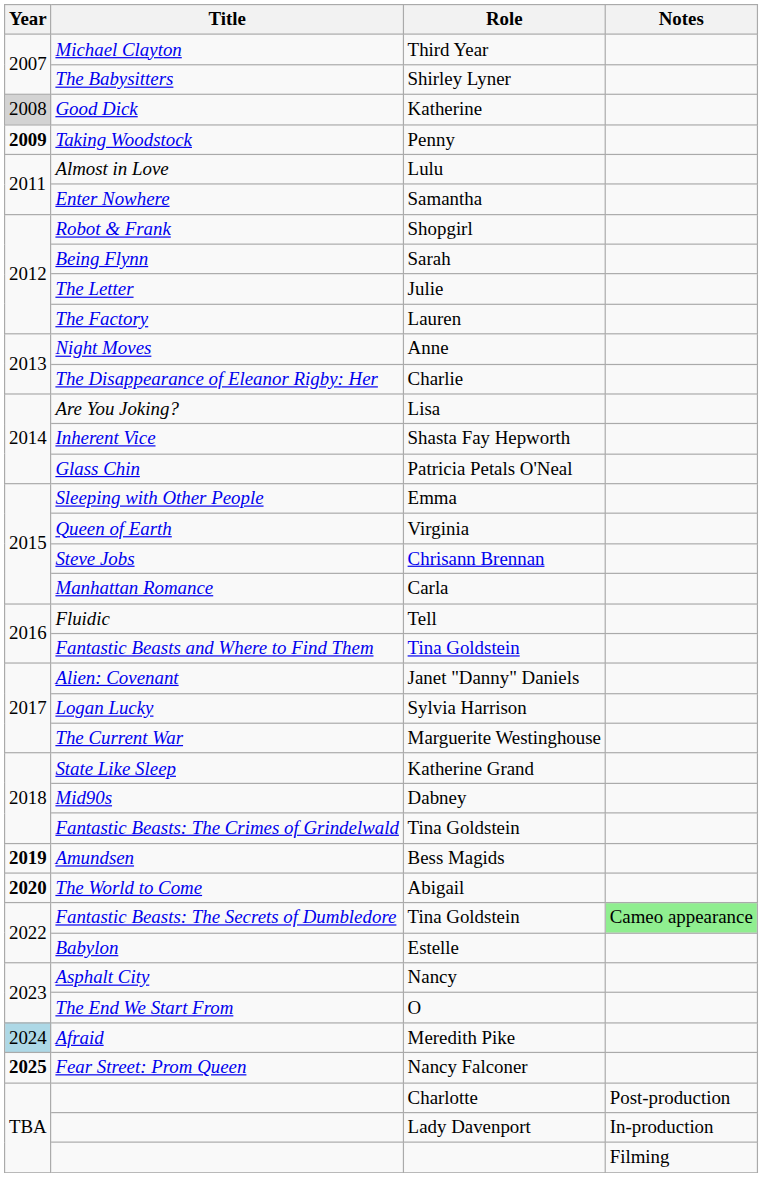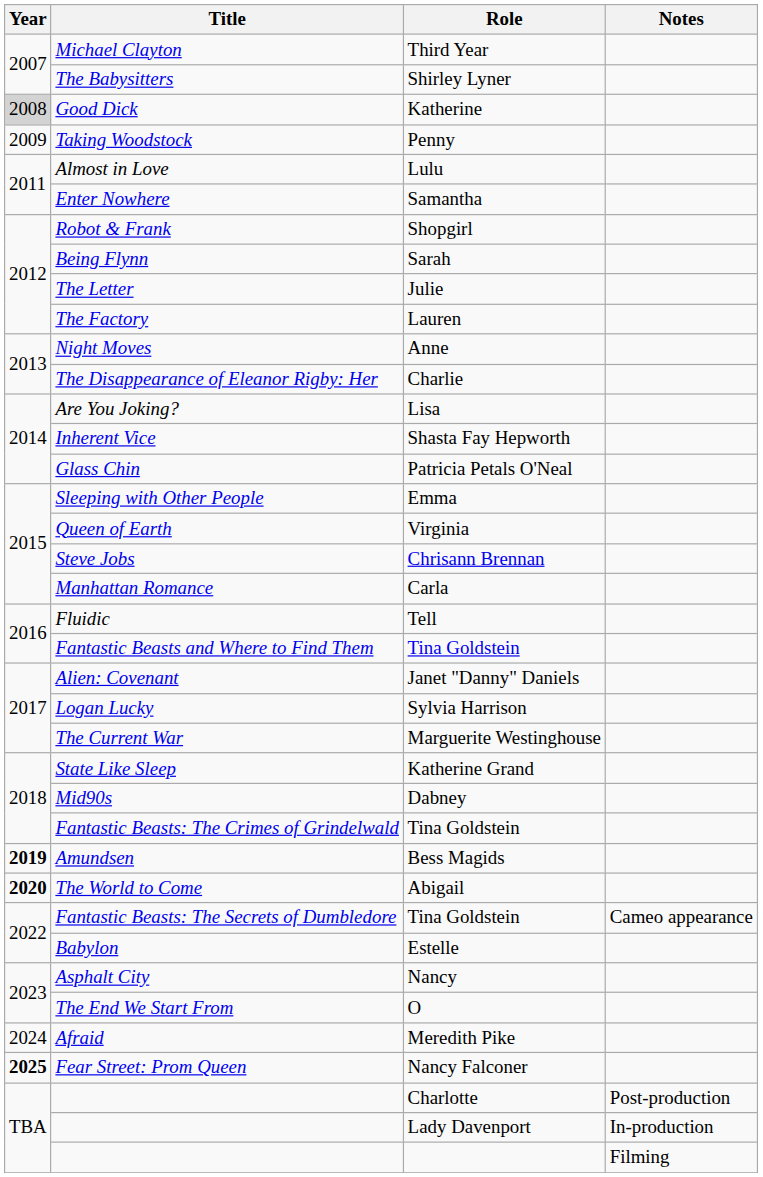 <table class="wikitable sortable">
 <tr>
 <th>Year</th>
 <th>Title</th>
 <th>Role</th>
 <th class=unsortable>Notes</th>
 </tr>
 <tr>
 <td rowspan="2">2007</td>
 <td><em><a href='#'>Michael Clayton</a></em></td>
 <td>Third Year</td>
 <td></td>
 </tr>
 <tr>
 <td><em><a href='#'>The Babysitters</a></em></td>
 <td>Shirley Lyner</td>
 <td></td>
 </tr>
 <tr>
 <td style="background: lightgrey;">2008</td>
 <td><em><a href='#'>Good Dick</a></em></td>
 <td>Katherine</td>
 <td></td>
 </tr>
 <tr>
-<td><strong>2009</strong></td>
+<td>2009</td>
 <td><em><a href='#'>Taking Woodstock</a></em></td>
 <td>Penny</td>
 <td></td>
 </tr>
 <tr>
 <td rowspan="2">2011</td>
 <td><em>Almost in Love</em></td>
 <td>Lulu</td>
 <td></td>
 </tr>
 <tr>
 <td><em><a href='#'>Enter Nowhere</a></em></td>
 <td>Samantha</td>
 <td></td>
 </tr>
 <tr>
 <td rowspan="4">2012</td>
 <td><em><a href='#'>Robot & Frank</a></em></td>
 <td>Shopgirl</td>
 <td></td>
 </tr>
 <tr>
 <td><em><a href='#'>Being Flynn</a></em></td>
 <td>Sarah</td>
 <td></td>
 </tr>
 <tr>
 <td><em><a href='#'>The Letter</a></em></td>
 <td>Julie</td>
 <td></td>
 </tr>
 <tr>
 <td><em><a href='#'>The Factory</a></em></td>
 <td>Lauren</td>
 <td></td>
 </tr>
 <tr>
 <td rowspan="2">2013</td>
 <td><em><a href='#'>Night Moves</a></em></td>
 <td>Anne</td>
 <td></td>
 </tr>
 <tr>
 <td><em><a href='#'>The Disappearance of Eleanor Rigby: Her</a></em></td>
 <td>Charlie</td>
 <td></td>
 </tr>
 <tr>
 <td rowspan="3">2014</td>
 <td><em>Are You Joking?</em></td>
 <td>Lisa</td>
 <td></td>
 </tr>
 <tr>
 <td><em><a href='#'>Inherent Vice</a></em></td>
 <td>Shasta Fay Hepworth</td>
 <td></td>
 </tr>
 <tr>
 <td><em><a href='#'>Glass Chin</a></em></td>
 <td>Patricia Petals O'Neal</td>
 <td></td>
 </tr>
 <tr>
 <td rowspan="4">2015</td>
 <td><em><a href='#'>Sleeping with Other People</a></em></td>
 <td>Emma</td>
 <td></td>
 </tr>
 <tr>
 <td><em><a href='#'>Queen of Earth</a></em></td>
 <td>Virginia</td>
 <td></td>
 </tr>
 <tr>
 <td><em><a href='#'>Steve Jobs</a></em></td>
 <td><a href='#'>Chrisann Brennan</a></td>
 <td></td>
 </tr>
 <tr>
 <td><em><a href='#'>Manhattan Romance</a></em></td>
 <td>Carla</td>
 <td></td>
 </tr>
 <tr>
 <td rowspan="2">2016</td>
 <td><em>Fluidic</em></td>
 <td>Tell</td>
 <td></td>
 </tr>
 <tr>
 <td><em><a href='#'>Fantastic Beasts and Where to Find Them</a></em></td>
 <td><a href='#'>Tina Goldstein</a></td>
 <td></td>
 </tr>
 <tr>
 <td rowspan="3">2017</td>
 <td><em><a href='#'>Alien: Covenant</a></em></td>
 <td>Janet "Danny" Daniels</td>
 <td></td>
 </tr>
 <tr>
 <td><em><a href='#'>Logan Lucky</a></em></td>
 <td>Sylvia Harrison</td>
 <td></td>
 </tr>
 <tr>
 <td><em><a href='#'>The Current War</a></em></td>
 <td>Marguerite Westinghouse</td>
 <td></td>
 </tr>
 <tr>
 <td rowspan="3">2018</td>
 <td><em><a href='#'>State Like Sleep</a></em></td>
 <td>Katherine Grand</td>
 <td></td>
 </tr>
 <tr>
 <td><em><a href='#'>Mid90s</a></em></td>
 <td>Dabney</td>
 <td></td>
 </tr>
 <tr>
 <td><em><a href='#'>Fantastic Beasts: The Crimes of Grindelwald</a></em></td>
 <td>Tina Goldstein</td>
 <td></td>
 </tr>
 <tr>
 <td><strong>2019</strong></td>
 <td><em><a href='#'>Amundsen</a></em></td>
 <td>Bess Magids</td>
 <td></td>
 </tr>
 <tr>
 <td><strong>2020</strong></td>
 <td><em><a href='#'>The World to Come</a></em></td>
 <td>Abigail</td>
 <td></td>
 </tr>
 <tr>
 <td rowspan="2">2022</td>
 <td><em><a href='#'>Fantastic Beasts: The Secrets of Dumbledore</a></em></td>
 <td>Tina Goldstein</td>
-<td style="background: lightgreen;">Cameo appearance</td>
+<td>Cameo appearance</td>
 </tr>
 <tr>
 <td><em><a href='#'>Babylon</a></em></td>
 <td>Estelle</td>
 <td></td>
 </tr>
 <tr>
 <td rowspan="2">2023</td>
 <td><em><a href='#'>Asphalt City</a></em></td>
 <td>Nancy</td>
 <td></td>
 </tr>
 <tr>
 <td><em><a href='#'>The End We Start From</a></em></td>
 <td>O</td>
 <td></td>
 </tr>
 <tr>
-<td style="background: lightblue;">2024</td>
+<td>2024</td>
 <td><em><a href='#'>Afraid</a></em></td>
 <td>Meredith Pike</td>
 <td></td>
 </tr>
 <tr>
 <td><strong>2025</strong></td>
 <td><em><a href='#'>Fear Street: Prom Queen</a></em></td>
 <td>Nancy Falconer</td>
 <td></td>
 </tr>
 <tr>
 <td rowspan="3">TBA</td>
 <td></td>
 <td>Charlotte</td>
 <td>Post-production</td>
 </tr>
 <tr>
 <td></td>
 <td>Lady Davenport</td>
 <td>In-production</td>
 </tr>
 <tr>
 <td></td>
 <td></td>
 <td>Filming</td>
 </tr>
 </table>
